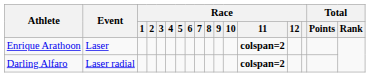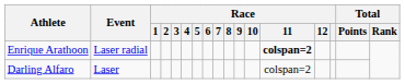 <table class=wikitable style=font-size:90%;text-align:center>
 <tr>
 <th rowspan=2>Athlete</th>
 <th rowspan=2>Event</th>
 <th colspan=13>Race</th>
 <th colspan=2>Total</th>
 </tr>
 <tr style=font-size:95%>
 <th>1</th>
 <th>2</th>
 <th>3</th>
 <th>4</th>
 <th>5</th>
 <th>6</th>
 <th>7</th>
 <th>8</th>
 <th>9</th>
 <th>10</th>
 <th>11</th>
 <th>12</th>
 <th></th>
 <th>Points</th>
 <th>Rank</th>
 </tr>
 <tr>
 <td align=left><a href='#'>Enrique Arathoon</a></td>
-<td align=left><a href='#'>Laser</a></td>
+<td align=left><a href='#'>Laser radial</a></td>
 <td></td>
 <td></td>
 <td></td>
 <td></td>
 <td></td>
 <td></td>
 <td></td>
 <td></td>
 <td></td>
 <td></td>
 <td><strong>colspan=2 </strong></td>
 <td></td>
 <td></td>
 <td></td>
 </tr>
 <tr>
 <td align=left><a href='#'>Darling Alfaro</a></td>
-<td align=left><a href='#'>Laser radial</a></td>
+<td align=left><a href='#'>Laser</a></td>
 <td></td>
 <td></td>
 <td></td>
 <td></td>
 <td></td>
 <td></td>
 <td></td>
 <td></td>
 <td></td>
 <td></td>
-<td><strong>colspan=2 </strong></td>
+<td>colspan=2 </td>
 <td></td>
 <td></td>
 <td></td>
 </tr>
 </table>
